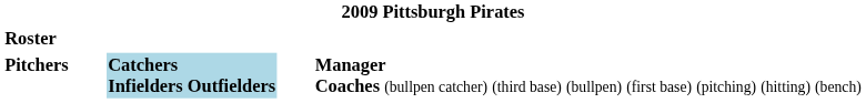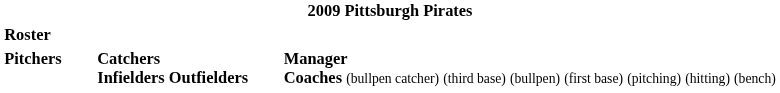 <table class="toccolours" style="font-size: 95%;">
 <tr>
 <th colspan="10">2009 Pittsburgh Pirates</th>
 </tr>
 <tr>
 <td colspan="10"><strong>Roster</strong></td>
 </tr>
 <tr>
 <td valign="top"><strong>Pitchers</strong><br>                         </td>
 <td width="25px"></td>
-<td valign="top" style="background: lightblue;"><strong>Catchers</strong><br>   <strong>Infielders</strong>            <strong>Outfielders</strong>         </td>
+<td valign="top"><strong>Catchers</strong><br>   <strong>Infielders</strong>            <strong>Outfielders</strong>         </td>
 <td width="25px"></td>
 <td valign="top"><strong>Manager</strong><br> <strong>Coaches</strong>  <small>(bullpen catcher)</small>  <small>(third base)</small>  <small>(bullpen)</small>  <small>(first base)</small>  <small>(pitching)</small>  <small>(hitting)</small>  <small>(bench)</small></td>
 </tr>
 </table>
